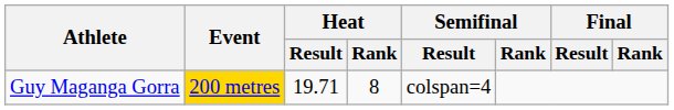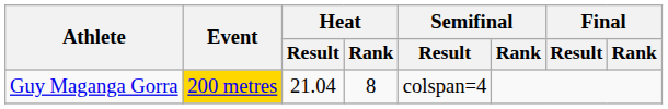 <table class="wikitable" style="font-size:90%">
 <tr>
 <th rowspan="2">Athlete</th>
 <th rowspan="2">Event</th>
 <th colspan="2">Heat</th>
 <th colspan="2">Semifinal</th>
 <th colspan="2">Final</th>
 </tr>
 <tr style="font-size:95%">
 <th>Result</th>
 <th>Rank</th>
 <th>Result</th>
 <th>Rank</th>
 <th>Result</th>
 <th>Rank</th>
 </tr>
 <tr align=center>
 <td align=left><a href='#'>Guy Maganga Gorra</a></td>
 <td align=left style="background: gold;"><a href='#'>200 metres</a></td>
-<td>19.71</td>
+<td>21.04</td>
 <td>8</td>
 <td>colspan=4 </td>
 </tr>
 </table>
